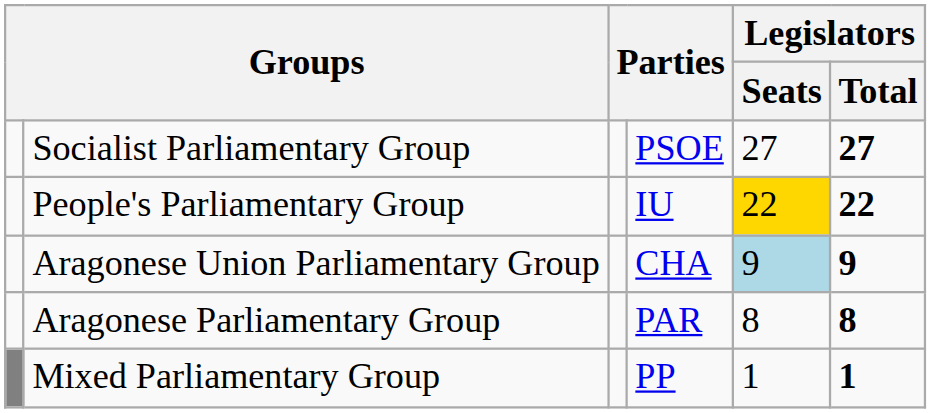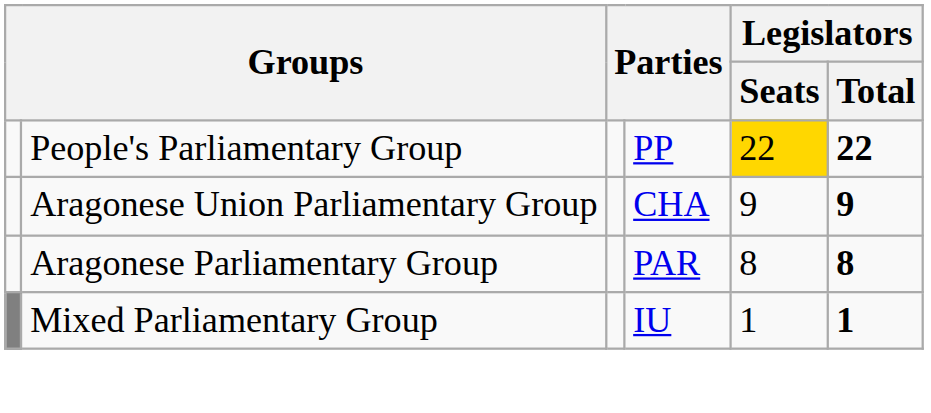 <table class="wikitable" style="text-align:left;">
 <tr>
 <th rowspan="2" colspan="2">Groups</th>
 <th rowspan="2" colspan="2">Parties</th>
 <th colspan="2">Legislators</th>
 </tr>
 <tr>
 <th>Seats</th>
 <th>Total</th>
 </tr>
 <tr>
-<td width="1" style="color:inherit;background:"></td>
-<td>Socialist Parliamentary Group</td>
-<td width="1" style="color:inherit;background:"></td>
-<td><a href='#'>PSOE</a></td>
-<td>27</td>
-<td><strong>27</strong></td>
-</tr>
-<tr>
 <td style="color:inherit;background:"></td>
 <td>People's Parliamentary Group</td>
 <td style="color:inherit;background:"></td>
-<td align="left"><a href='#'>IU</a></td>
+<td><a href='#'>PP</a></td>
 <td style="background: gold;">22</td>
 <td><strong>22</strong></td>
 </tr>
 <tr>
 <td style="color:inherit;background:"></td>
 <td>Aragonese Union Parliamentary Group</td>
 <td style="color:inherit;background:"></td>
 <td><a href='#'>CHA</a></td>
-<td style="background: lightblue;">9</td>
+<td>9</td>
 <td><strong>9</strong></td>
 </tr>
 <tr>
 <td style="color:inherit;background:"></td>
 <td>Aragonese Parliamentary Group</td>
 <td style="color:inherit;background:"></td>
 <td><a href='#'>PAR</a></td>
 <td>8</td>
 <td><strong>8</strong></td>
 </tr>
 <tr>
 <td bgcolor="gray"></td>
 <td>Mixed Parliamentary Group</td>
 <td style="color:inherit;background:"></td>
-<td><a href='#'>PP</a></td>
+<td align="left"><a href='#'>IU</a></td>
 <td>1</td>
 <td><strong>1</strong></td>
 </tr>
 </table>
